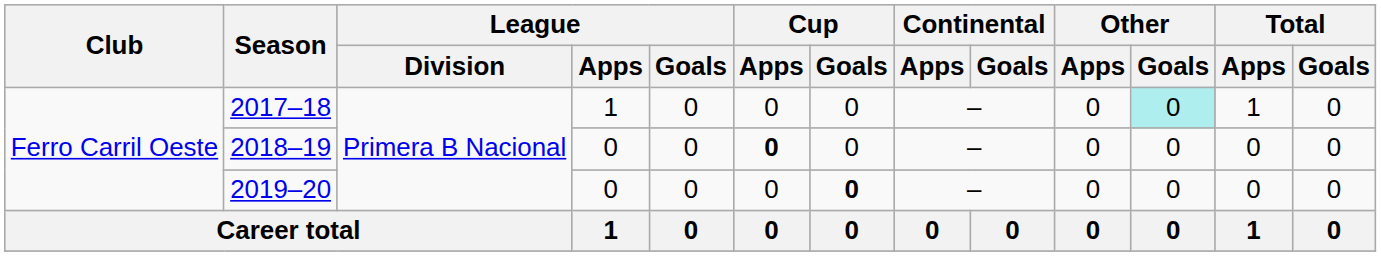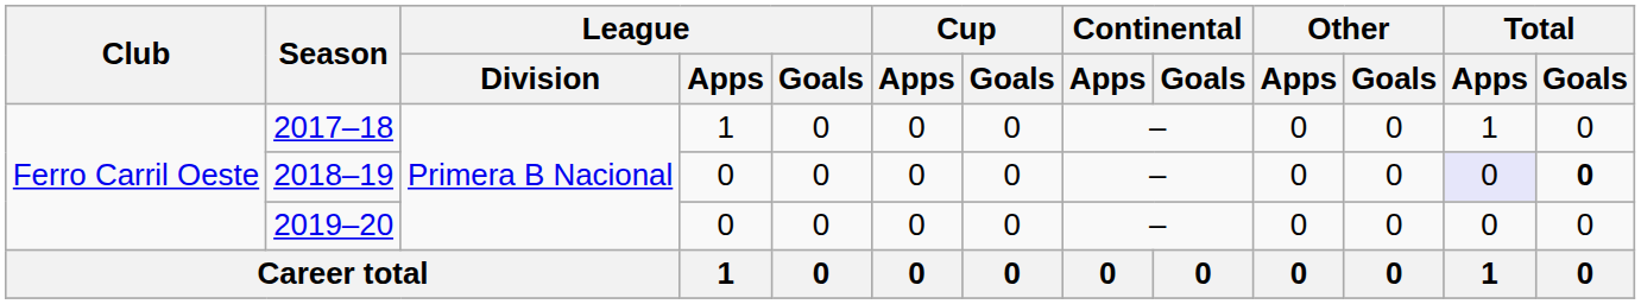 <table class="wikitable" style="text-align: center">
 <tr>
 <th rowspan="2">Club</th>
 <th rowspan="2">Season</th>
 <th colspan="3">League</th>
 <th colspan="2">Cup</th>
 <th colspan="2">Continental</th>
 <th colspan="2">Other</th>
 <th colspan="2">Total</th>
 </tr>
 <tr>
 <th>Division</th>
 <th>Apps</th>
 <th>Goals</th>
 <th>Apps</th>
 <th>Goals</th>
 <th>Apps</th>
 <th>Goals</th>
 <th>Apps</th>
 <th>Goals</th>
 <th>Apps</th>
 <th>Goals</th>
 </tr>
 <tr>
 <td rowspan="3"><a href='#'>Ferro Carril Oeste</a></td>
 <td><a href='#'>2017–18</a></td>
 <td rowspan="3"><a href='#'>Primera B Nacional</a></td>
 <td>1</td>
 <td>0</td>
 <td>0</td>
 <td>0</td>
 <td colspan="2">–</td>
 <td>0</td>
-<td style="background: paleturquoise;">0</td>
+<td>0</td>
 <td>1</td>
 <td>0</td>
 </tr>
 <tr>
 <td><a href='#'>2018–19</a></td>
 <td>0</td>
 <td>0</td>
-<td><strong>0</strong></td>
+<td>0</td>
 <td>0</td>
 <td colspan="2">–</td>
 <td>0</td>
 <td>0</td>
-<td>0</td>
-<td>0</td>
+<td style="background: lavender;">0</td>
+<td><strong>0</strong></td>
 </tr>
 <tr>
 <td><a href='#'>2019–20</a></td>
 <td>0</td>
 <td>0</td>
 <td>0</td>
-<td><strong>0</strong></td>
+<td>0</td>
 <td colspan="2">–</td>
 <td>0</td>
 <td>0</td>
 <td>0</td>
 <td>0</td>
 </tr>
 <tr>
 <th colspan=3>Career total</th>
 <th>1</th>
 <th>0</th>
 <th>0</th>
 <th>0</th>
 <th>0</th>
 <th>0</th>
 <th>0</th>
 <th>0</th>
 <th>1</th>
 <th>0</th>
 </tr>
 </table>
